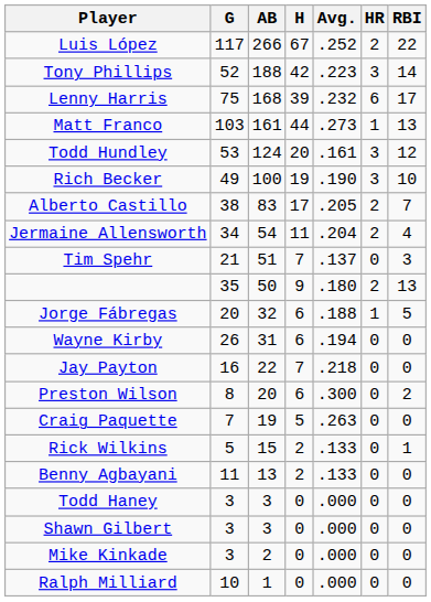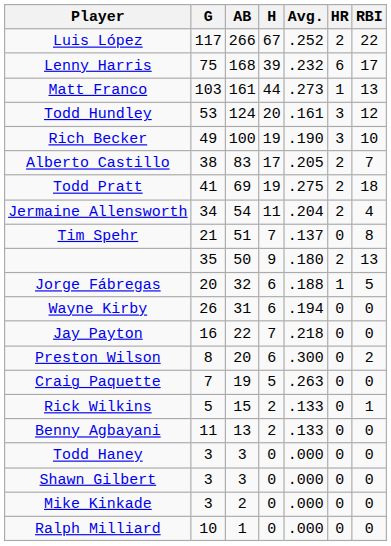 <table class="wikitable sortable">
 <tr>
 <th>Player</th>
 <th>G</th>
 <th>AB</th>
 <th>H</th>
 <th>Avg.</th>
 <th>HR</th>
 <th>RBI</th>
 </tr>
 <tr align="center">
 <td><a href='#'>Luis López</a></td>
 <td>117</td>
 <td>266</td>
 <td>67</td>
 <td>.252</td>
 <td>2</td>
 <td>22</td>
-</tr>
-<tr align=center>
-<td><a href='#'>Tony Phillips</a></td>
-<td>52</td>
-<td>188</td>
-<td>42</td>
-<td>.223</td>
-<td>3</td>
-<td>14</td>
 </tr>
 <tr align=center>
 <td><a href='#'>Lenny Harris</a></td>
 <td>75</td>
 <td>168</td>
 <td>39</td>
 <td>.232</td>
 <td>6</td>
 <td>17</td>
 </tr>
 <tr align=center>
 <td><a href='#'>Matt Franco</a></td>
 <td>103</td>
 <td>161</td>
 <td>44</td>
 <td>.273</td>
 <td>1</td>
 <td>13</td>
 </tr>
 <tr align=center>
 <td><a href='#'>Todd Hundley</a></td>
 <td>53</td>
 <td>124</td>
 <td>20</td>
 <td>.161</td>
 <td>3</td>
 <td>12</td>
 </tr>
 <tr align=center>
 <td><a href='#'>Rich Becker</a></td>
 <td>49</td>
 <td>100</td>
 <td>19</td>
 <td>.190</td>
 <td>3</td>
 <td>10</td>
 </tr>
 <tr align=center>
 <td><a href='#'>Alberto Castillo</a></td>
 <td>38</td>
 <td>83</td>
 <td>17</td>
 <td>.205</td>
 <td>2</td>
 <td>7</td>
 </tr>
 <tr align=center>
+<td><a href='#'>Todd Pratt</a></td>
+<td>41</td>
+<td>69</td>
+<td>19</td>
+<td>.275</td>
+<td>2</td>
+<td>18</td>
+</tr>
+<tr align=center>
 <td><a href='#'>Jermaine Allensworth</a></td>
 <td>34</td>
 <td>54</td>
 <td>11</td>
 <td>.204</td>
 <td>2</td>
 <td>4</td>
 </tr>
 <tr align=center>
 <td><a href='#'>Tim Spehr</a></td>
 <td>21</td>
 <td>51</td>
 <td>7</td>
 <td>.137</td>
 <td>0</td>
-<td>3</td>
+<td>8</td>
 </tr>
 <tr align=center>
 <td></td>
 <td>35</td>
 <td>50</td>
 <td>9</td>
 <td>.180</td>
 <td>2</td>
 <td>13</td>
 </tr>
 <tr align="center">
 <td><a href='#'>Jorge Fábregas</a></td>
 <td>20</td>
 <td>32</td>
 <td>6</td>
 <td>.188</td>
 <td>1</td>
 <td>5</td>
 </tr>
 <tr align=center>
 <td><a href='#'>Wayne Kirby</a></td>
 <td>26</td>
 <td>31</td>
 <td>6</td>
 <td>.194</td>
 <td>0</td>
 <td>0</td>
 </tr>
 <tr align=center>
 <td><a href='#'>Jay Payton</a></td>
 <td>16</td>
 <td>22</td>
 <td>7</td>
 <td>.218</td>
 <td>0</td>
 <td>0</td>
 </tr>
 <tr align=center>
 <td><a href='#'>Preston Wilson</a></td>
 <td>8</td>
 <td>20</td>
 <td>6</td>
 <td>.300</td>
 <td>0</td>
 <td>2</td>
 </tr>
 <tr align=center>
 <td><a href='#'>Craig Paquette</a></td>
 <td>7</td>
 <td>19</td>
 <td>5</td>
 <td>.263</td>
 <td>0</td>
 <td>0</td>
 </tr>
 <tr align=center>
 <td><a href='#'>Rick Wilkins</a></td>
 <td>5</td>
 <td>15</td>
 <td>2</td>
 <td>.133</td>
 <td>0</td>
 <td>1</td>
 </tr>
 <tr align=center>
 <td><a href='#'>Benny Agbayani</a></td>
 <td>11</td>
 <td>13</td>
 <td>2</td>
 <td>.133</td>
 <td>0</td>
 <td>0</td>
 </tr>
 <tr align=center>
 <td><a href='#'>Todd Haney</a></td>
 <td>3</td>
 <td>3</td>
 <td>0</td>
 <td>.000</td>
 <td>0</td>
 <td>0</td>
 </tr>
 <tr align=center>
 <td><a href='#'>Shawn Gilbert</a></td>
 <td>3</td>
 <td>3</td>
 <td>0</td>
 <td>.000</td>
 <td>0</td>
 <td>0</td>
 </tr>
 <tr align=center>
 <td><a href='#'>Mike Kinkade</a></td>
 <td>3</td>
 <td>2</td>
 <td>0</td>
 <td>.000</td>
 <td>0</td>
 <td>0</td>
 </tr>
 <tr align=center>
 <td><a href='#'>Ralph Milliard</a></td>
 <td>10</td>
 <td>1</td>
 <td>0</td>
 <td>.000</td>
 <td>0</td>
 <td>0</td>
 </tr>
 </table>
